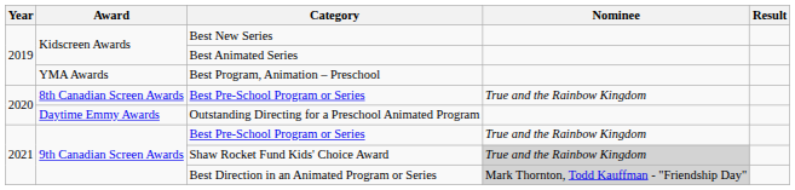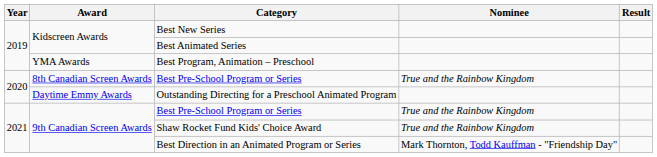 <table class="wikitable sortable">
 <tr>
 <th>Year</th>
 <th>Award</th>
 <th>Category</th>
 <th>Nominee</th>
 <th>Result</th>
 </tr>
 <tr>
 <td rowspan="3">2019</td>
 <td rowspan="2">Kidscreen Awards</td>
 <td>Best New Series</td>
 <td></td>
 <td></td>
 </tr>
 <tr>
 <td>Best Animated Series</td>
 <td></td>
 <td></td>
 </tr>
 <tr>
 <td rowspan="1">YMA Awards</td>
 <td>Best Program, Animation – Preschool</td>
 <td></td>
 <td></td>
 </tr>
 <tr>
 <td rowspan="2">2020</td>
 <td><a href='#'>8th Canadian Screen Awards</a></td>
 <td><a href='#'>Best Pre-School Program or Series</a></td>
 <td><em>True and the Rainbow Kingdom</em></td>
 <td></td>
 </tr>
 <tr>
 <td><a href='#'>Daytime Emmy Awards</a></td>
 <td>Outstanding Directing for a Preschool Animated Program</td>
 <td></td>
 <td></td>
 </tr>
 <tr>
 <td rowspan="3">2021</td>
 <td rowspan="3"><a href='#'>9th Canadian Screen Awards</a></td>
 <td><a href='#'>Best Pre-School Program or Series</a></td>
 <td><em>True and the Rainbow Kingdom</em></td>
 <td></td>
 </tr>
 <tr>
 <td>Shaw Rocket Fund Kids' Choice Award</td>
-<td style="background: lightgrey;"><em>True and the Rainbow Kingdom</em></td>
+<td><em>True and the Rainbow Kingdom</em></td>
 <td></td>
 </tr>
 <tr>
 <td>Best Direction in an Animated Program or Series</td>
-<td style="background: lightgrey;">Mark Thornton, <a href='#'>Todd Kauffman</a> - "Friendship Day"</td>
+<td>Mark Thornton, <a href='#'>Todd Kauffman</a> - "Friendship Day"</td>
 <td></td>
 </tr>
 </table>
